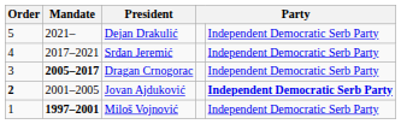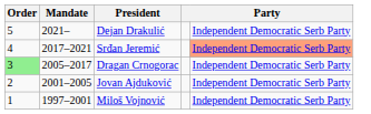 <table class="wikitable">
 <tr>
 <th>Order</th>
 <th>Mandate</th>
 <th>President</th>
 <th colspan="2">Party</th>
 </tr>
 <tr>
 <td>5</td>
 <td>2021–</td>
 <td><a href='#'>Dejan Drakulić</a></td>
 <td width="5px" style="background: "> </td>
 <td><a href='#'>Independent Democratic Serb Party</a></td>
 </tr>
 <tr>
 <td>4</td>
 <td>2017–2021</td>
 <td><a href='#'>Srđan Jeremić</a></td>
 <td width="5px" style="background: "> </td>
-<td><a href='#'>Independent Democratic Serb Party</a></td>
+<td style="background: lightsalmon;"><a href='#'>Independent Democratic Serb Party</a></td>
 </tr>
 <tr>
-<td>3</td>
-<td><strong>2005–2017</strong></td>
+<td style="background: lightgreen;">3</td>
+<td>2005–2017</td>
 <td><a href='#'>Dragan Crnogorac</a></td>
 <td width="5px" style="background: "> </td>
 <td><a href='#'>Independent Democratic Serb Party</a></td>
 </tr>
 <tr>
-<td><strong>2</strong></td>
+<td>2</td>
 <td>2001–2005</td>
 <td><a href='#'>Jovan Ajduković</a></td>
 <td width="5px" style="background: "> </td>
-<td><strong><a href='#'>Independent Democratic Serb Party</a></strong></td>
+<td><a href='#'>Independent Democratic Serb Party</a></td>
 </tr>
 <tr>
 <td>1</td>
-<td><strong>1997–2001</strong></td>
+<td>1997–2001</td>
 <td><a href='#'>Miloš Vojnović</a></td>
 <td width="5px" style="background: "> </td>
 <td><a href='#'>Independent Democratic Serb Party</a></td>
 </tr>
 </table>
